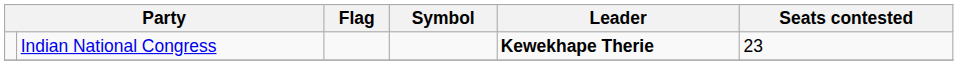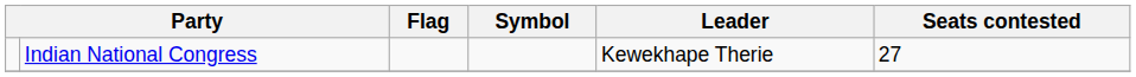 <table class="wikitable" width="55%">
 <tr>
 <th colspan="2">Party</th>
 <th>Flag</th>
 <th>Symbol</th>
 <th>Leader</th>
 <th>Seats contested</th>
 </tr>
 <tr>
 <td style="text-align:center; background:"></td>
 <td><a href='#'>Indian National Congress</a></td>
 <td></td>
 <td></td>
-<td><strong>Kewekhape Therie</strong></td>
-<td>23</td>
+<td>Kewekhape Therie</td>
+<td>27</td>
 </tr>
 <tr>
 </tr>
 </table>
